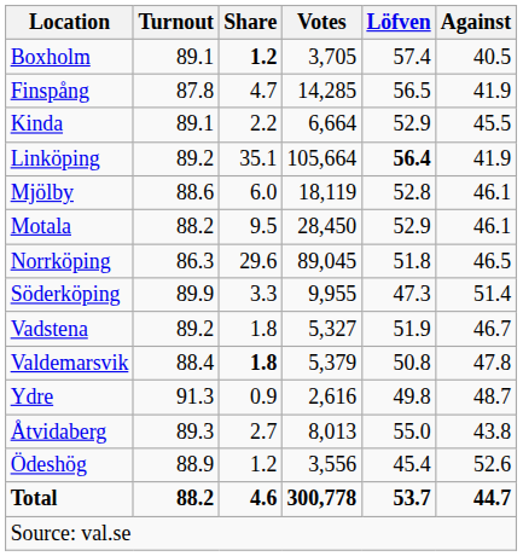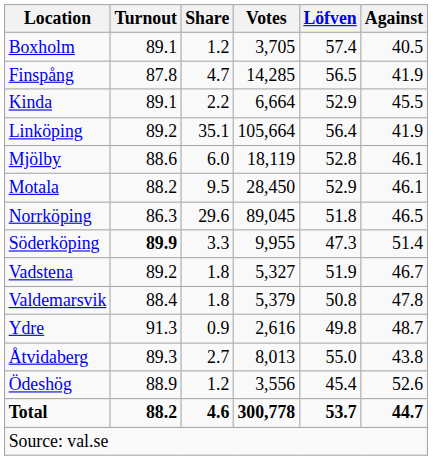 <table class="wikitable sortable" style=text-align:right>
 <tr>
 <th>Location</th>
 <th>Turnout</th>
 <th>Share</th>
 <th>Votes</th>
 <th><a href='#'>Löfven</a></th>
 <th>Against</th>
 </tr>
 <tr>
 <td align=left><a href='#'>Boxholm</a></td>
 <td>89.1</td>
-<td><strong>1.2</strong></td>
+<td>1.2</td>
 <td>3,705</td>
 <td>57.4</td>
 <td>40.5</td>
 </tr>
 <tr>
 <td align=left><a href='#'>Finspång</a></td>
 <td>87.8</td>
 <td>4.7</td>
 <td>14,285</td>
 <td>56.5</td>
 <td>41.9</td>
 </tr>
 <tr>
 <td align=left><a href='#'>Kinda</a></td>
 <td>89.1</td>
 <td>2.2</td>
 <td>6,664</td>
 <td>52.9</td>
 <td>45.5</td>
 </tr>
 <tr>
 <td align=left><a href='#'>Linköping</a></td>
 <td>89.2</td>
 <td>35.1</td>
 <td>105,664</td>
-<td><strong>56.4</strong></td>
+<td>56.4</td>
 <td>41.9</td>
 </tr>
 <tr>
 <td align=left><a href='#'>Mjölby</a></td>
 <td>88.6</td>
 <td>6.0</td>
 <td>18,119</td>
 <td>52.8</td>
 <td>46.1</td>
 </tr>
 <tr>
 <td align=left><a href='#'>Motala</a></td>
 <td>88.2</td>
 <td>9.5</td>
 <td>28,450</td>
 <td>52.9</td>
 <td>46.1</td>
 </tr>
 <tr>
 <td align=left><a href='#'>Norrköping</a></td>
 <td>86.3</td>
 <td>29.6</td>
 <td>89,045</td>
 <td>51.8</td>
 <td>46.5</td>
 </tr>
 <tr>
 <td align=left><a href='#'>Söderköping</a></td>
-<td>89.9</td>
+<td><strong>89.9</strong></td>
 <td>3.3</td>
 <td>9,955</td>
 <td>47.3</td>
 <td>51.4</td>
 </tr>
 <tr>
 <td align=left><a href='#'>Vadstena</a></td>
 <td>89.2</td>
 <td>1.8</td>
 <td>5,327</td>
 <td>51.9</td>
 <td>46.7</td>
 </tr>
 <tr>
 <td align=left><a href='#'>Valdemarsvik</a></td>
 <td>88.4</td>
-<td><strong>1.8</strong></td>
+<td>1.8</td>
 <td>5,379</td>
 <td>50.8</td>
 <td>47.8</td>
 </tr>
 <tr>
 <td align=left><a href='#'>Ydre</a></td>
 <td>91.3</td>
 <td>0.9</td>
 <td>2,616</td>
 <td>49.8</td>
 <td>48.7</td>
 </tr>
 <tr>
 <td align=left><a href='#'>Åtvidaberg</a></td>
 <td>89.3</td>
 <td>2.7</td>
 <td>8,013</td>
 <td>55.0</td>
 <td>43.8</td>
 </tr>
 <tr>
 <td align=left><a href='#'>Ödeshög</a></td>
 <td>88.9</td>
 <td>1.2</td>
 <td>3,556</td>
 <td>45.4</td>
 <td>52.6</td>
 </tr>
 <tr>
 <td align=left><strong>Total</strong></td>
 <td><strong>88.2</strong></td>
 <td><strong>4.6</strong></td>
 <td><strong>300,778</strong></td>
 <td><strong>53.7</strong></td>
 <td><strong>44.7</strong></td>
 </tr>
 <tr>
 <td align=left colspan=6>Source: val.se</td>
 </tr>
 </table>
